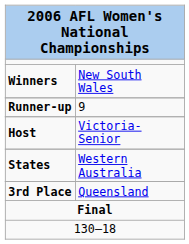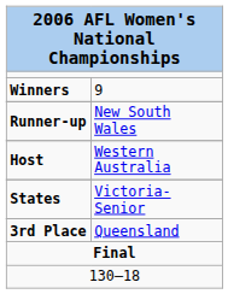 <table class="wikitable" align="right" width="200" style="margin-left:0.3em">
 <tr>
 <th style="background:#ABCDEF" align="center" colspan="2"><big>2006 AFL Women's National Championships</big></th>
 </tr>
 <tr>
 <td colspan="2" style="text-align: center;"></td>
 </tr>
 <tr>
 <td><strong>Winners</strong></td>
+<td>9</td>
+</tr>
+<tr style="text-align:center;">
+</tr>
+<tr>
+<td><strong>Runner-up</strong></td>
 <td><a href='#'>New South Wales</a></td>
 </tr>
 <tr style="text-align:center;">
 </tr>
 <tr>
-<td><strong>Runner-up</strong></td>
-<td>9</td>
-</tr>
-<tr style="text-align:center;">
-</tr>
-<tr>
 <td><strong>Host</strong></td>
-<td><a href='#'>Victoria-Senior</a></td>
+<td><a href='#'>Western Australia</a></td>
 </tr>
 <tr style="text-align:center;">
 </tr>
 <tr>
 <td><strong>States</strong></td>
-<td><a href='#'>Western Australia</a></td>
+<td><a href='#'>Victoria-Senior</a></td>
 </tr>
 <tr style="text-align:center;">
 </tr>
 <tr>
 <td><strong>3rd Place</strong></td>
 <td><a href='#'>Queensland</a></td>
 </tr>
 <tr style="text-align:center;">
 <td colspan="2"><strong>Final</strong></td>
 </tr>
 <tr style="text-align:center;">
 <td colspan="2">130–18</td>
 </tr>
 </table>
